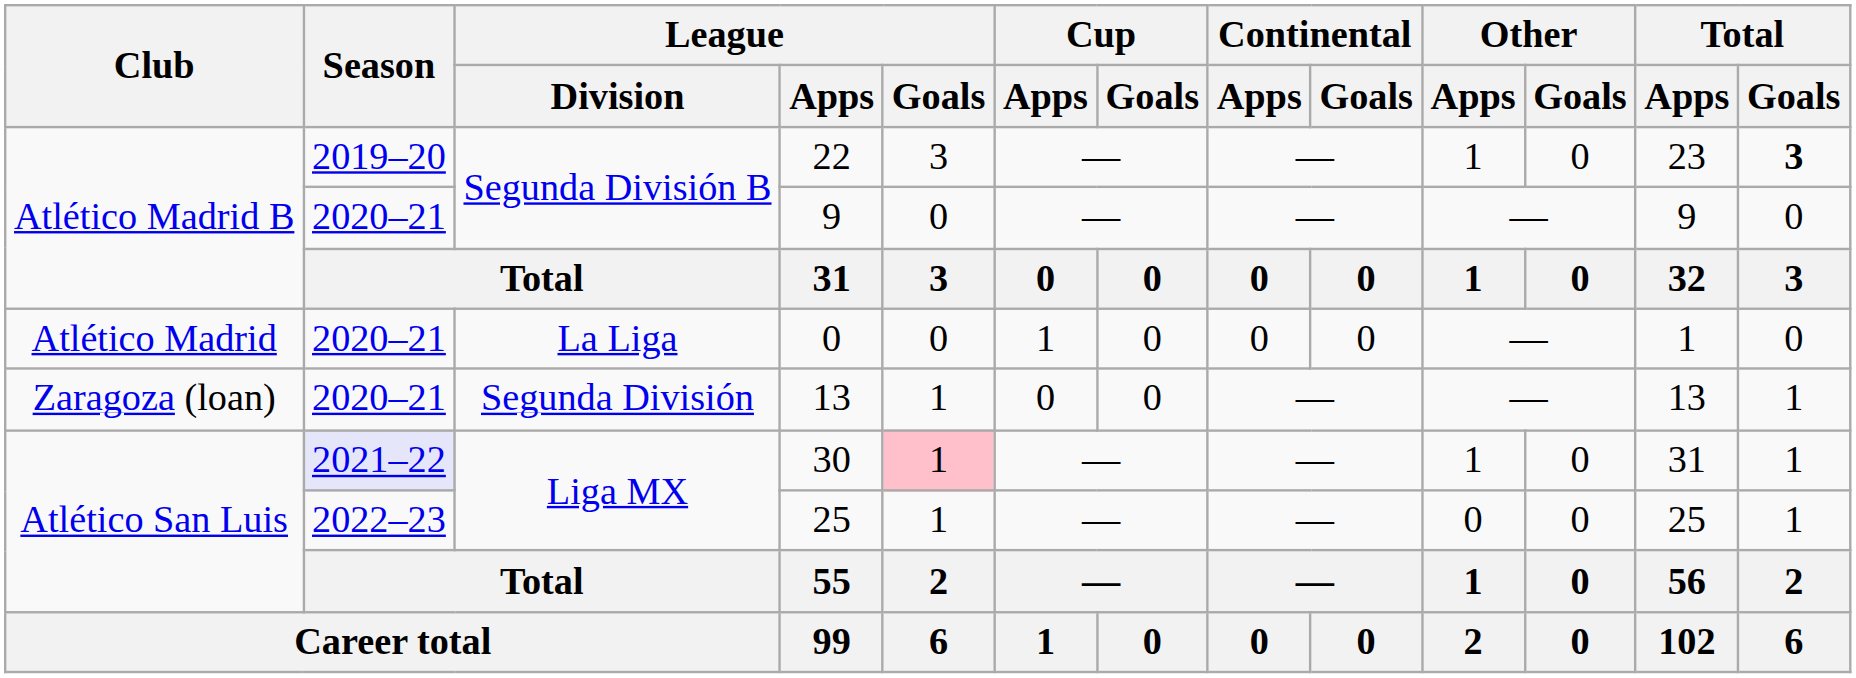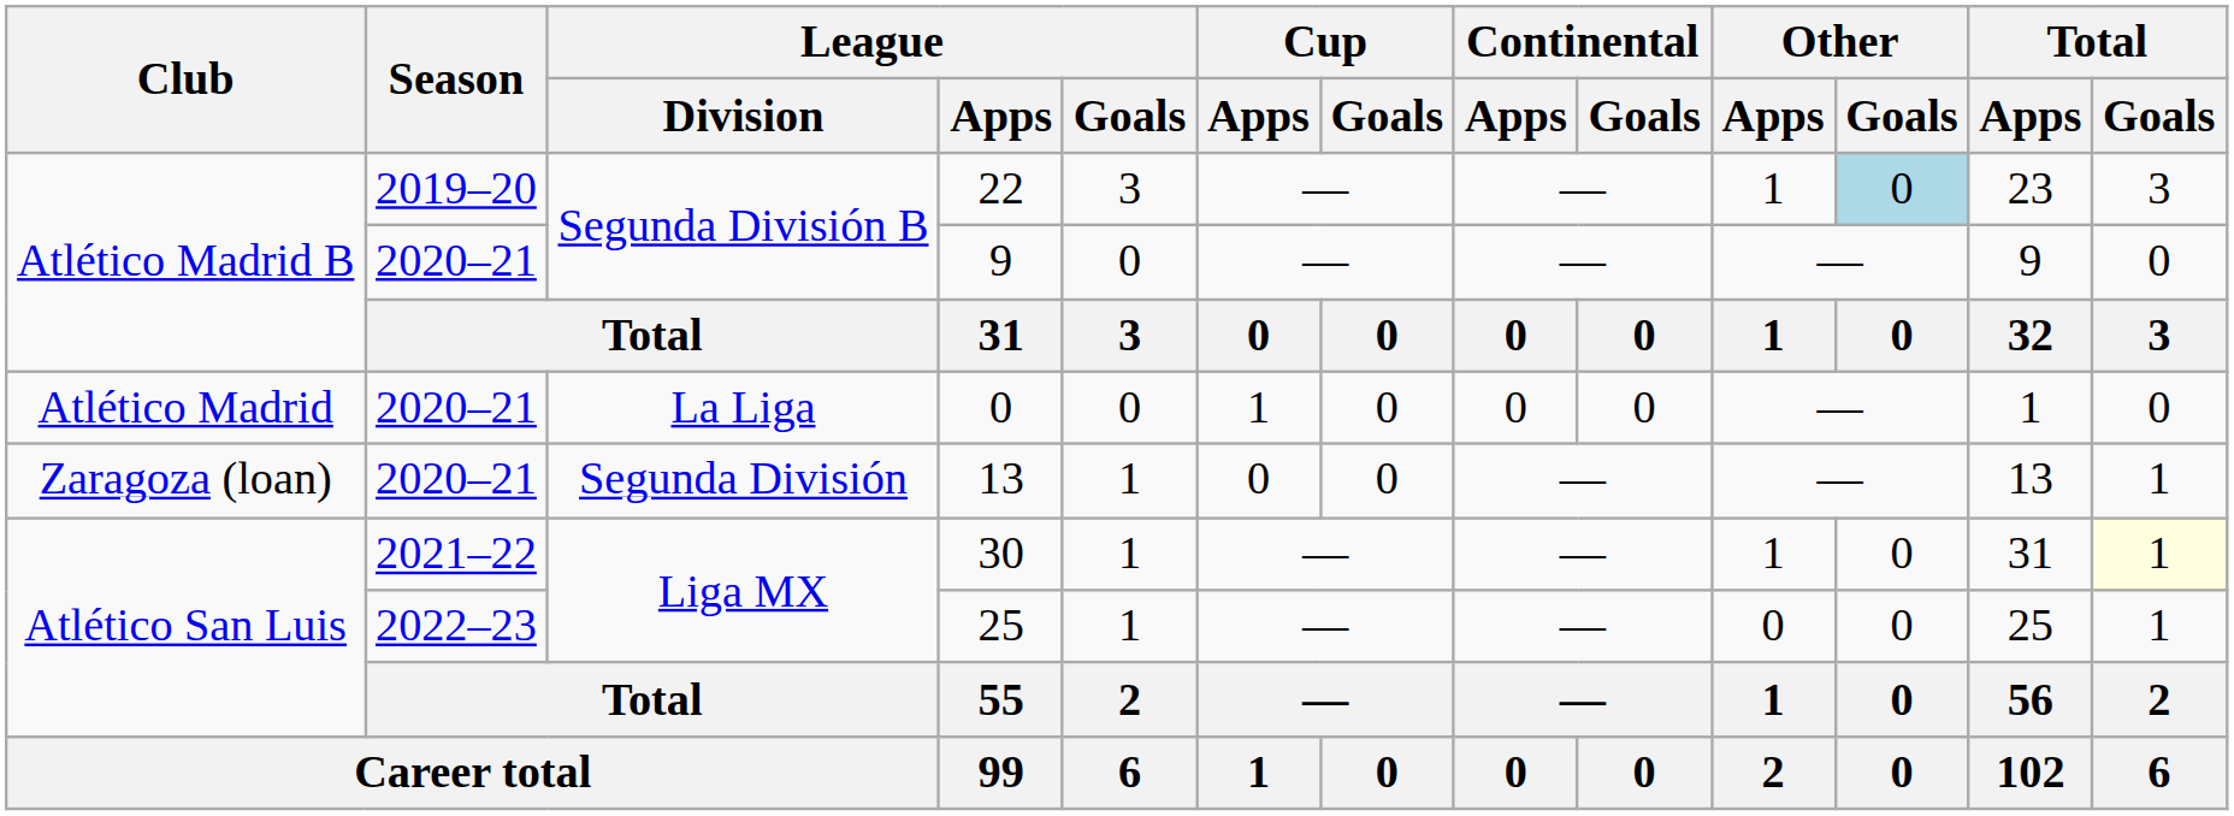 <table class="wikitable" Style="text-align: center">
 <tr>
 <th rowspan="2">Club</th>
 <th rowspan="2">Season</th>
 <th colspan="3">League</th>
 <th colspan="2">Cup</th>
 <th colspan="2">Continental</th>
 <th colspan="2">Other</th>
 <th colspan="2">Total</th>
 </tr>
 <tr>
 <th>Division</th>
 <th>Apps</th>
 <th>Goals</th>
 <th>Apps</th>
 <th>Goals</th>
 <th>Apps</th>
 <th>Goals</th>
 <th>Apps</th>
 <th>Goals</th>
 <th>Apps</th>
 <th>Goals</th>
 </tr>
 <tr>
 <td rowspan="3"><a href='#'>Atlético Madrid B</a></td>
 <td><a href='#'>2019–20</a></td>
 <td rowspan="2"><a href='#'>Segunda División B</a></td>
 <td>22</td>
 <td>3</td>
 <td colspan="2">—</td>
 <td colspan="2">—</td>
 <td>1</td>
-<td>0</td>
+<td style="background: lightblue;">0</td>
 <td>23</td>
-<td><strong>3</strong></td>
+<td>3</td>
 </tr>
 <tr>
 <td><a href='#'>2020–21</a></td>
 <td>9</td>
 <td>0</td>
 <td colspan="2">—</td>
 <td colspan="2">—</td>
 <td colspan="2">—</td>
 <td>9</td>
 <td>0</td>
 </tr>
 <tr>
 <th colspan="2">Total</th>
 <th>31</th>
 <th>3</th>
 <th>0</th>
 <th>0</th>
 <th>0</th>
 <th>0</th>
 <th>1</th>
 <th>0</th>
 <th>32</th>
 <th>3</th>
 </tr>
 <tr>
 <td rowspan="1"><a href='#'>Atlético Madrid</a></td>
 <td><a href='#'>2020–21</a></td>
 <td rowspan="1"><a href='#'>La Liga</a></td>
 <td>0</td>
 <td>0</td>
 <td>1</td>
 <td>0</td>
 <td>0</td>
 <td>0</td>
 <td colspan="2">—</td>
 <td>1</td>
 <td>0</td>
 </tr>
 <tr>
 <td rowspan="1"><a href='#'>Zaragoza</a> (loan)</td>
 <td><a href='#'>2020–21</a></td>
 <td><a href='#'>Segunda División</a></td>
 <td>13</td>
 <td>1</td>
 <td>0</td>
 <td>0</td>
 <td colspan="2">—</td>
 <td colspan="2">—</td>
 <td>13</td>
 <td>1</td>
 </tr>
 <tr>
 <td rowspan="3"><a href='#'>Atlético San Luis</a></td>
-<td style="background: lavender;"><a href='#'>2021–22</a></td>
+<td><a href='#'>2021–22</a></td>
 <td rowspan="2"><a href='#'>Liga MX</a></td>
 <td>30</td>
-<td style="background: pink;">1</td>
+<td>1</td>
 <td colspan="2">—</td>
 <td colspan="2">—</td>
 <td>1</td>
 <td>0</td>
 <td>31</td>
-<td>1</td>
+<td style="background: lightyellow;">1</td>
 </tr>
 <tr>
 <td><a href='#'>2022–23</a></td>
 <td>25</td>
 <td>1</td>
 <td colspan="2">—</td>
 <td colspan="2">—</td>
 <td>0</td>
 <td>0</td>
 <td>25</td>
 <td>1</td>
 </tr>
 <tr>
 <th colspan="2">Total</th>
 <th>55</th>
 <th>2</th>
 <th colspan="2">—</th>
 <th colspan="2">—</th>
 <th>1</th>
 <th>0</th>
 <th>56</th>
 <th>2</th>
 </tr>
 <tr>
 <th colspan="3">Career total</th>
 <th>99</th>
 <th>6</th>
 <th>1</th>
 <th>0</th>
 <th>0</th>
 <th>0</th>
 <th>2</th>
 <th>0</th>
 <th>102</th>
 <th>6</th>
 </tr>
 </table>
